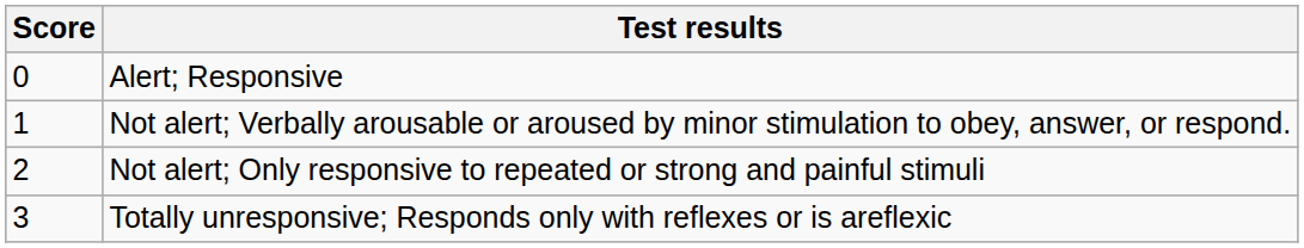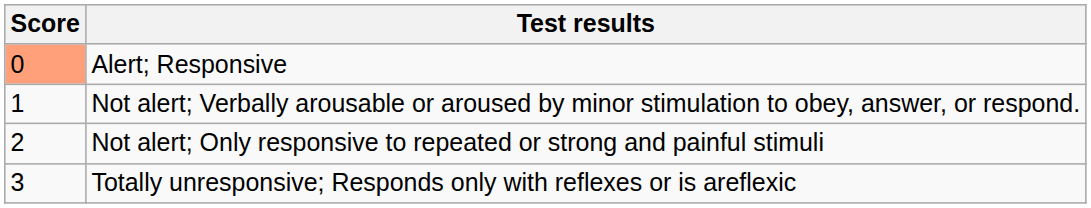 <table class="wikitable">
 <tr>
 <th>Score</th>
 <th>Test results</th>
 </tr>
 <tr>
-<td>0</td>
+<td style="background: lightsalmon;">0</td>
 <td>Alert; Responsive</td>
 </tr>
 <tr>
 <td>1</td>
 <td>Not alert; Verbally arousable or aroused by minor stimulation to obey, answer, or respond.</td>
 </tr>
 <tr>
 <td>2</td>
 <td>Not alert; Only responsive to repeated or strong and painful stimuli</td>
 </tr>
 <tr>
 <td>3</td>
 <td>Totally unresponsive; Responds only with reflexes or is areflexic</td>
 </tr>
 </table>
